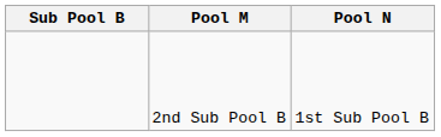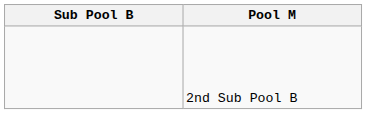 <table class="wikitable">
 <tr>
 <th width=33%>Sub Pool B</th>
 <th width=33%>Pool M</th>
-<th width=33%>Pool N</th>
 </tr>
 <tr>
 <td><br><br> <br> <br> </td>
 <td><br><br> <br> <br> 2nd Sub Pool B</td>
-<td><br><br> <br> <br> 1st Sub Pool B</td>
 </tr>
 </table>
